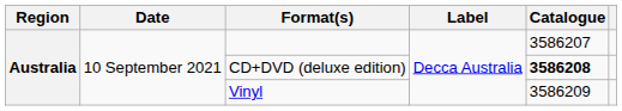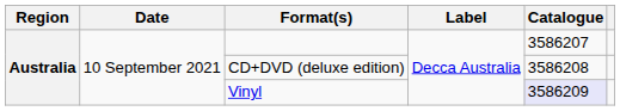 <table class="wikitable plainrowheaders">
 <tr>
 <th scope="col">Region</th>
 <th scope="col">Date</th>
 <th scope="col">Format(s)</th>
 <th scope="col">Label</th>
 <th scope="col">Catalogue</th>
 <th scope="col"></th>
 </tr>
 <tr>
 <th rowspan="3" scope="row">Australia</th>
 <td rowspan="3">10 September 2021</td>
 <td></td>
 <td rowspan="3" scope="row"><a href='#'>Decca Australia</a></td>
 <td>3586207</td>
 <td style="text-align:center;"></td>
 </tr>
 <tr>
 <td>CD+DVD (deluxe edition)</td>
-<td><strong>3586208</strong></td>
+<td>3586208</td>
 <td style="text-align:center;"></td>
 </tr>
 <tr>
 <td><a href='#'>Vinyl</a></td>
-<td>3586209</td>
+<td style="background: lavender;">3586209</td>
 <td style="text-align:center;"></td>
 </tr>
 </table>
